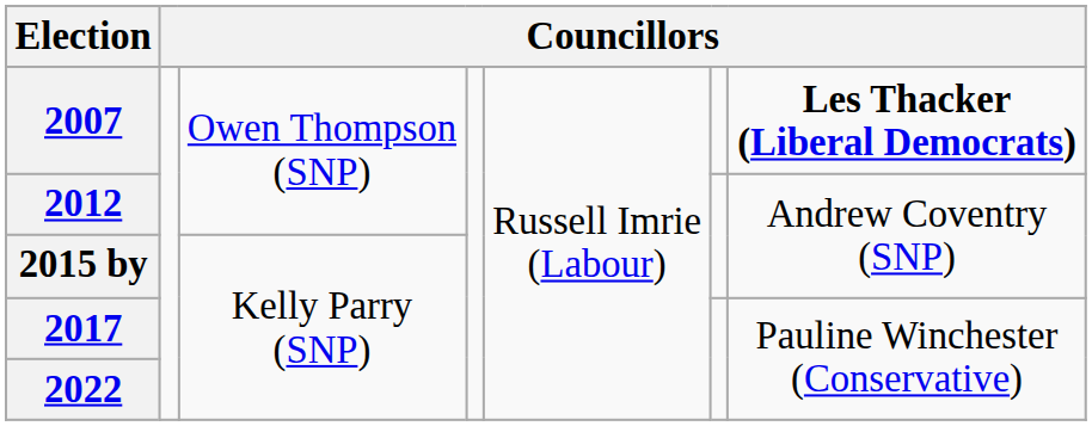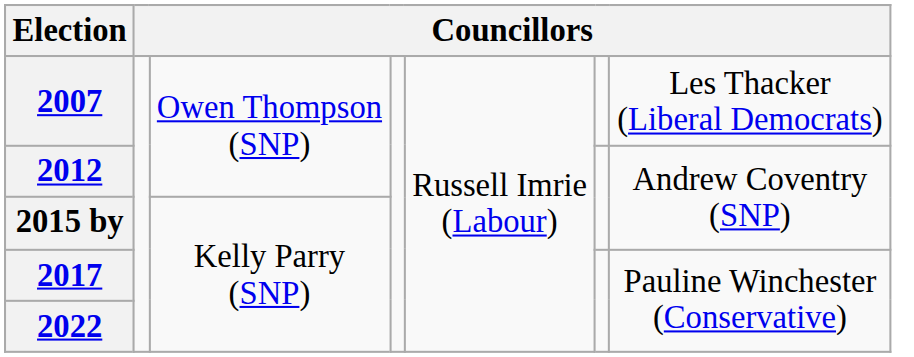 <table class="wikitable" style="text-align:center">
 <tr>
 <th>Election</th>
 <th colspan=8>Councillors</th>
 </tr>
 <tr>
 <th><a href='#'>2007</a></th>
 <td rowspan=5; style="background-color: "></td>
 <td rowspan=2><a href='#'>Owen Thompson</a><br>(<a href='#'>SNP</a>)</td>
 <td rowspan=5; style="background-color: "></td>
 <td rowspan=5>Russell Imrie<br>(<a href='#'>Labour</a>)</td>
 <td rowspan=1; style="background-color: "></td>
-<td><strong>Les Thacker<br>(<a href='#'>Liberal Democrats</a>)</strong></td>
+<td>Les Thacker<br>(<a href='#'>Liberal Democrats</a>)</td>
 </tr>
 <tr>
 <th><a href='#'>2012</a></th>
 <td rowspan=2; style="background-color: "></td>
 <td rowspan=2>Andrew Coventry<br>(<a href='#'>SNP</a>)</td>
 </tr>
 <tr>
 <th>2015 by</th>
 <td rowspan=3>Kelly Parry<br>(<a href='#'>SNP</a>)</td>
 </tr>
 <tr>
 <th><a href='#'>2017</a></th>
 <td rowspan=2; style="background-color: "></td>
 <td rowspan=2>Pauline Winchester<br>(<a href='#'>Conservative</a>)</td>
 </tr>
 <tr>
 <th><a href='#'>2022</a></th>
 </tr>
 </table>
